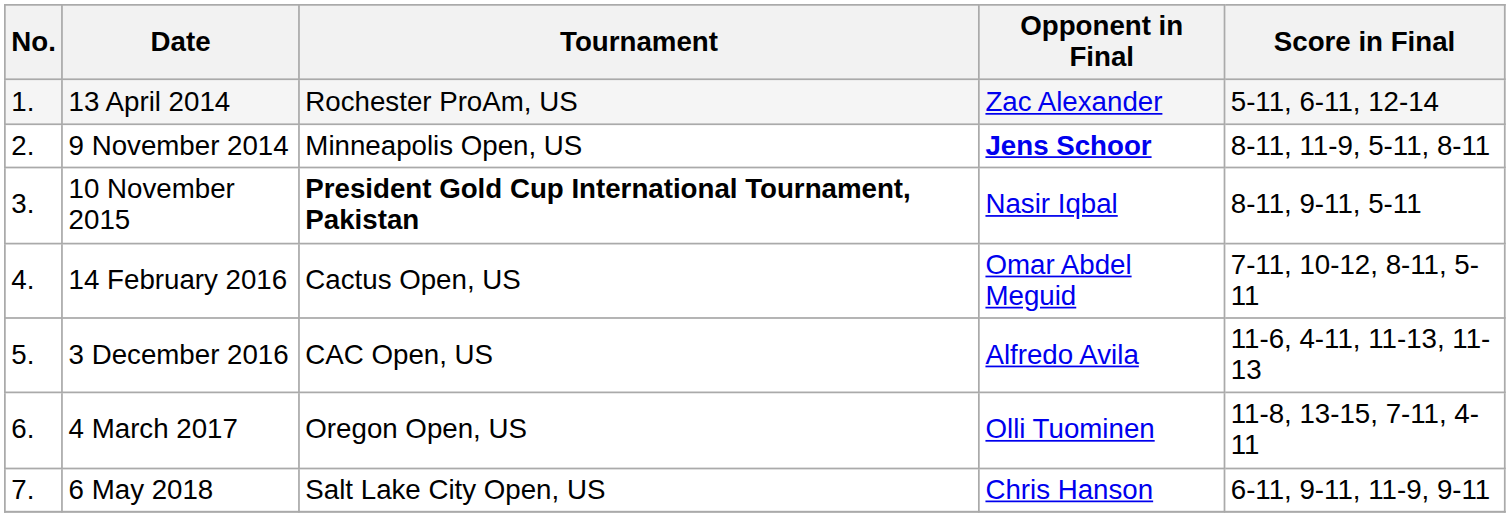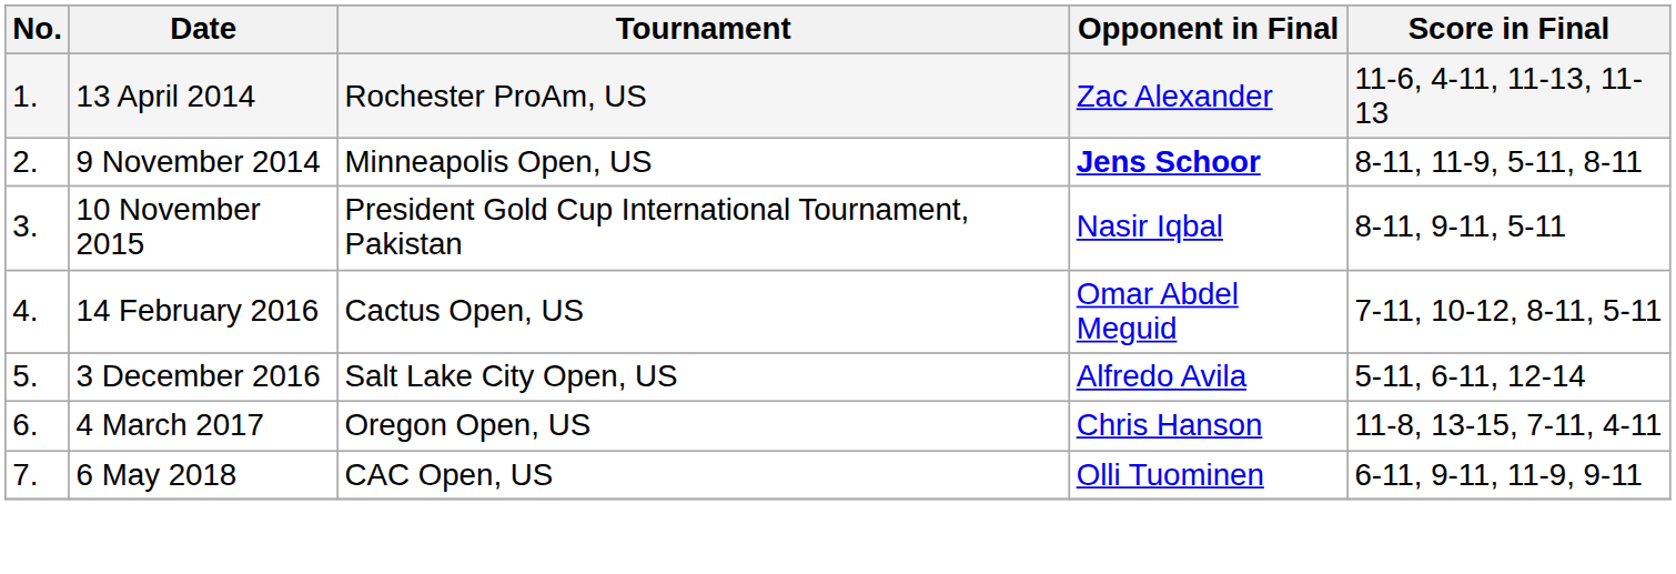 <table class="sortable wikitable">
 <tr>
 <th>No.</th>
 <th>Date</th>
 <th>Tournament</th>
 <th>Opponent in Final</th>
 <th>Score in Final</th>
 </tr>
 <tr style="background:#f5f5f5;">
 <td>1.</td>
 <td>13 April 2014</td>
 <td>Rochester ProAm, US</td>
 <td> <a href='#'>Zac Alexander</a></td>
-<td>5-11, 6-11, 12-14</td>
+<td>11-6, 4-11, 11-13, 11-13</td>
 </tr>
 <tr style="background:White;">
 <td>2.</td>
 <td>9 November 2014</td>
 <td>Minneapolis Open, US</td>
 <td><strong> <a href='#'>Jens Schoor</a></strong></td>
 <td>8-11, 11-9, 5-11, 8-11</td>
 </tr>
 <tr style="background:White;">
 <td>3.</td>
 <td>10 November 2015</td>
-<td><strong>President Gold Cup International Tournament, Pakistan</strong></td>
+<td>President Gold Cup International Tournament, Pakistan</td>
 <td> <a href='#'>Nasir Iqbal</a></td>
 <td>8-11, 9-11, 5-11</td>
 </tr>
 <tr style="background:White;">
 <td>4.</td>
 <td>14 February 2016</td>
 <td>Cactus Open, US</td>
 <td> <a href='#'>Omar Abdel Meguid</a></td>
 <td>7-11, 10-12, 8-11, 5-11</td>
 </tr>
 <tr style="background:White;">
 <td>5.</td>
 <td>3 December 2016</td>
-<td>CAC Open, US</td>
+<td>Salt Lake City Open, US</td>
 <td> <a href='#'>Alfredo Avila</a></td>
-<td>11-6, 4-11, 11-13, 11-13</td>
+<td>5-11, 6-11, 12-14</td>
 </tr>
 <tr style="background:White;">
 <td>6.</td>
 <td>4 March 2017</td>
 <td>Oregon Open, US</td>
-<td> <a href='#'>Olli Tuominen</a></td>
+<td> <a href='#'>Chris Hanson</a></td>
 <td>11-8, 13-15, 7-11, 4-11</td>
 </tr>
 <tr style="background:White;">
 <td>7.</td>
 <td>6 May 2018</td>
-<td>Salt Lake City Open, US</td>
-<td> <a href='#'>Chris Hanson</a></td>
+<td>CAC Open, US</td>
+<td> <a href='#'>Olli Tuominen</a></td>
 <td>6-11, 9-11, 11-9, 9-11</td>
 </tr>
 <tr style="background:White;">
 </tr>
 </table>
